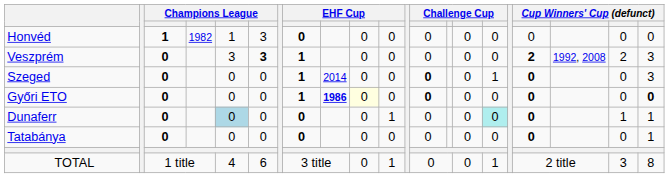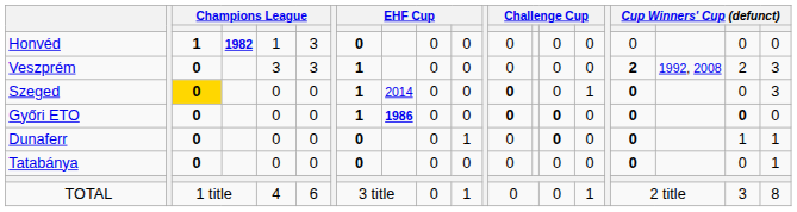 <table class="wikitable" style="text-align:center">
 <tr style="font-size:80%">
 <th width=165; rowspan=2></th>
 <th rowspan=10></th>
 <th colspan=4><a href='#'>Champions League</a></th>
 <th rowspan=10></th>
 <th colspan=4><a href='#'>EHF Cup</a></th>
 <th rowspan=10></th>
 <th colspan=4><a href='#'>Challenge Cup</a></th>
 <th rowspan=10></th>
 <th colspan=4><em><a href='#'>Cup Winners' Cup</a> (defunct)</em></th>
 </tr>
 <tr>
 <th width=45></th>
 <th></th>
 <th width=35></th>
 <th width=30></th>
 <th width=40></th>
 <th></th>
 <th width=30></th>
 <th width=25></th>
 <th width=40></th>
 <th></th>
 <th width=30></th>
 <th width=25></th>
 <th width=40></th>
 <th></th>
 <th width=30></th>
 <th width=25></th>
 </tr>
 <tr>
 <td align=left> <a href='#'>Honvéd</a></td>
 <td><strong>1</strong></td>
-<td align=left><small><a href='#'>1982</a></small></td>
+<td align=left><strong><small><a href='#'>1982</a></small></strong></td>
 <td>1</td>
 <td>3</td>
 <td><strong>0</strong></td>
 <td align=left></td>
 <td>0</td>
 <td>0</td>
 <td>0</td>
 <td align=left></td>
 <td>0</td>
 <td>0</td>
 <td>0</td>
 <td align=left></td>
 <td>0</td>
 <td>0</td>
 </tr>
 <tr>
 <td align=left> <a href='#'>Veszprém</a></td>
 <td><strong>0</strong></td>
 <td align=left></td>
 <td>3</td>
-<td><strong>3</strong></td>
+<td>3</td>
 <td><strong>1</strong></td>
 <td align=left></td>
 <td>0</td>
 <td>0</td>
 <td>0</td>
 <td align=left></td>
 <td>0</td>
 <td>0</td>
 <td><strong>2</strong></td>
 <td align=left><small><a href='#'>1992</a>, <a href='#'>2008</a></small></td>
 <td>2</td>
 <td>3</td>
 </tr>
 <tr>
 <td align=left> <a href='#'>Szeged</a></td>
-<td><strong>0</strong></td>
+<td style="background: gold;"><strong>0</strong></td>
 <td align=left></td>
 <td>0</td>
 <td>0</td>
 <td><strong>1</strong></td>
 <td align=left><small><a href='#'>2014</a></small></td>
 <td>0</td>
 <td>0</td>
 <td><strong>0</strong></td>
 <td align=left></td>
 <td>0</td>
 <td>1</td>
 <td><strong>0</strong></td>
 <td align=left></td>
 <td>0</td>
 <td>3</td>
 </tr>
 <tr>
 <td align=left> <a href='#'>Győri ETO</a></td>
 <td><strong>0</strong></td>
 <td align=left></td>
 <td>0</td>
 <td>0</td>
 <td><strong>1</strong></td>
 <td align=left><strong><small><a href='#'>1986</a></small></strong></td>
-<td style="background: lightyellow;">0</td>
 <td>0</td>
+<td>0</td>
+<td><strong>0</strong></td>
+<td align=left></td>
+<td><strong>0</strong></td>
+<td>0</td>
+<td><strong>0</strong></td>
+<td align=left></td>
+<td><strong>0</strong></td>
+<td>0</td>
+</tr>
+<tr>
+<td align=left> <a href='#'>Dunaferr</a></td>
 <td><strong>0</strong></td>
 <td align=left></td>
 <td>0</td>
 <td>0</td>
 <td><strong>0</strong></td>
 <td align=left></td>
 <td>0</td>
-<td><strong>0</strong></td>
-</tr>
-<tr>
-<td align=left> <a href='#'>Dunaferr</a></td>
-<td><strong>0</strong></td>
-<td align=left></td>
-<td style="background: lightblue;">0</td>
-<td>0</td>
-<td><strong>0</strong></td>
-<td align=left></td>
-<td>0</td>
 <td>1</td>
 <td>0</td>
 <td align=left></td>
+<td><strong>0</strong></td>
 <td>0</td>
-<td style="background: paleturquoise;">0</td>
 <td><strong>0</strong></td>
 <td align=left></td>
 <td>1</td>
 <td>1</td>
 </tr>
 <tr>
 <td align=left> <a href='#'>Tatabánya</a></td>
 <td><strong>0</strong></td>
 <td align=left></td>
 <td>0</td>
 <td>0</td>
 <td><strong>0</strong></td>
 <td align=left></td>
 <td>0</td>
 <td>0</td>
 <td>0</td>
 <td align=left></td>
 <td>0</td>
 <td>0</td>
 <td><strong>0</strong></td>
 <td align=left></td>
 <td>0</td>
 <td>1</td>
 </tr>
 <tr>
 <th colspan=21></th>
 </tr>
 <tr>
 <td colspan=2>TOTAL</td>
 <td colspan=2>1 title</td>
 <td>4</td>
 <td>6</td>
 <td colspan=2>3 title</td>
 <td>0</td>
 <td>1</td>
 <td colspan=2>0</td>
 <td>0</td>
 <td>1</td>
 <td colspan=2>2 title</td>
 <td>3</td>
 <td>8</td>
 </tr>
 </table>
